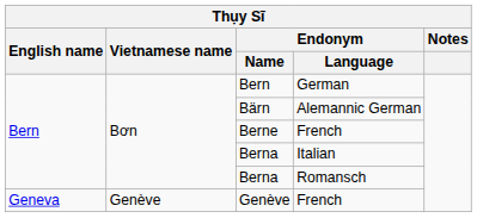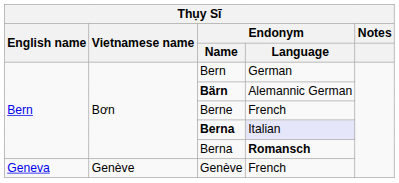 <table class="wikitable sortable">
 <tr>
 <th colspan="5"> Thụy Sĩ</th>
 </tr>
 <tr>
 <th rowspan="2">English name</th>
 <th rowspan="2">Vietnamese name</th>
 <th colspan="2">Endonym</th>
 <th>Notes</th>
 </tr>
 <tr>
 <th>Name</th>
 <th>Language</th>
 <th></th>
 </tr>
 <tr>
 <td rowspan="5"><a href='#'>Bern</a></td>
 <td rowspan="5">Bơn</td>
 <td>Bern</td>
 <td>German</td>
 </tr>
 <tr>
-<td>Bärn</td>
+<td><strong>Bärn</strong></td>
 <td>Alemannic German</td>
 </tr>
 <tr>
 <td>Berne</td>
 <td>French</td>
 </tr>
 <tr>
-<td>Berna</td>
-<td>Italian</td>
+<td><strong>Berna</strong></td>
+<td style="background: lavender;">Italian</td>
 </tr>
 <tr>
 <td>Berna</td>
-<td>Romansch</td>
+<td><strong>Romansch</strong></td>
 </tr>
 <tr>
 <td><a href='#'>Geneva</a></td>
 <td>Genève</td>
 <td>Genève</td>
 <td>French</td>
 </tr>
 </table>
